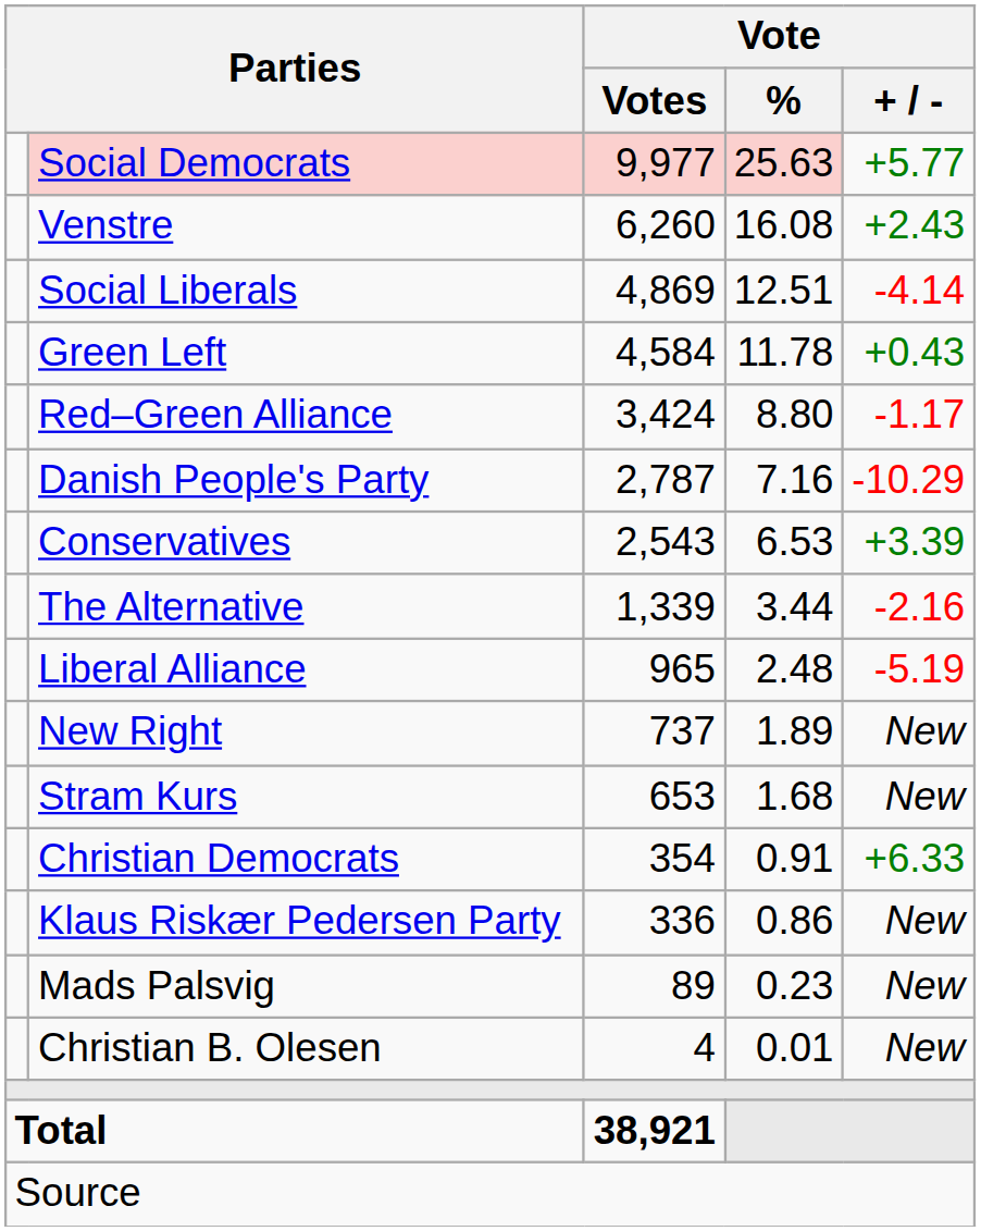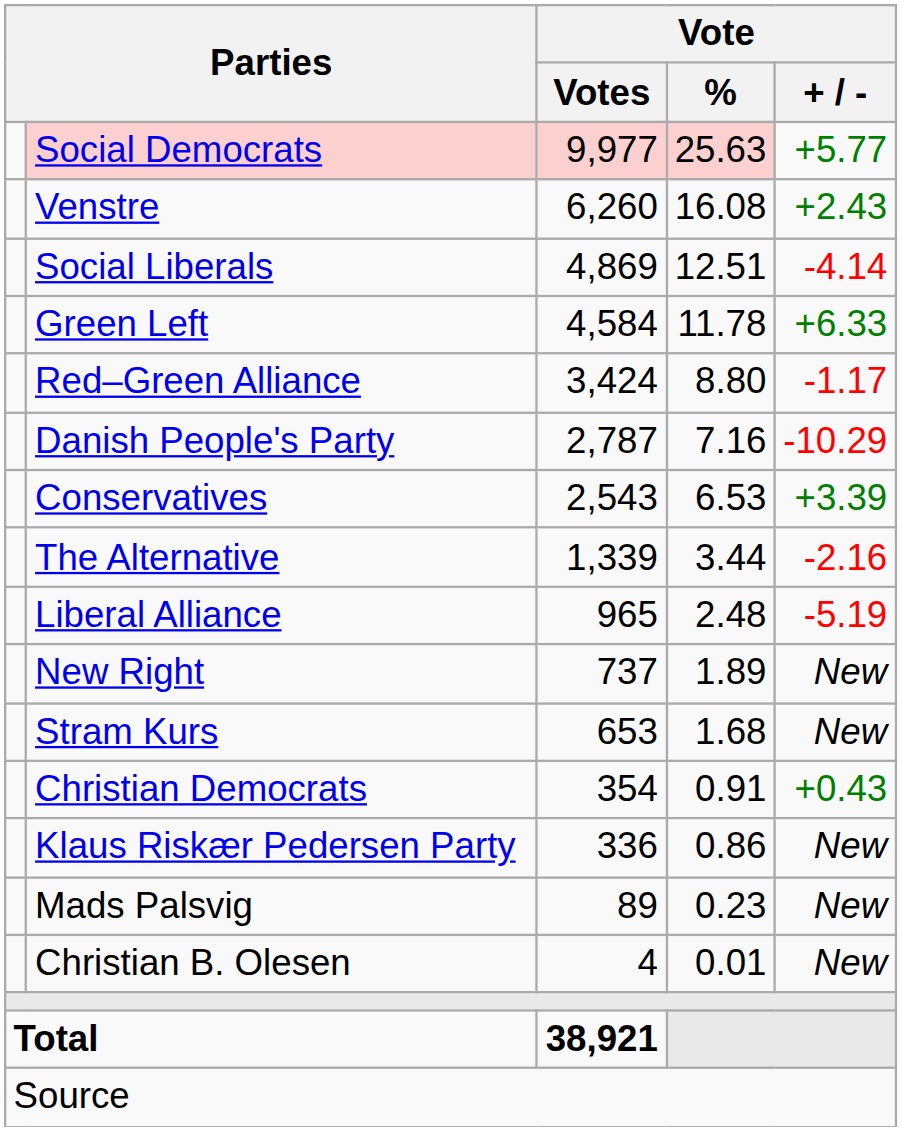 <table class="wikitable" style="text-align:right;">
 <tr>
 <th style="text-align:centre;" rowspan="2" colspan="2" width="225">Parties</th>
 <th colspan="3">Vote</th>
 </tr>
 <tr>
 <th width="15">Votes</th>
 <th width="15">%</th>
 <th width="15">+ / -</th>
 </tr>
 <tr>
 <td width="2" style="color:inherit;background:"></td>
 <td bgcolor=#fbd0ce  align="left"><a href='#'>Social Democrats</a></td>
 <td bgcolor=#fbd0ce>9,977</td>
 <td bgcolor=#fbd0ce>25.63</td>
 <td style=color:green;>+5.77</td>
 </tr>
 <tr>
 <td width="2" style="color:inherit;background:"></td>
 <td align="left"><a href='#'>Venstre</a></td>
 <td>6,260</td>
 <td>16.08</td>
 <td style=color:green;>+2.43</td>
 </tr>
 <tr>
 <td width="2" style="color:inherit;background:"></td>
 <td align="left"><a href='#'>Social Liberals</a></td>
 <td>4,869</td>
 <td>12.51</td>
 <td style=color:red;>-4.14</td>
 </tr>
 <tr>
 <td width="2" style="color:inherit;background:"></td>
 <td align="left"><a href='#'>Green Left</a></td>
 <td>4,584</td>
 <td>11.78</td>
-<td style=color:green;>+0.43</td>
+<td style=color:green;>+6.33</td>
 </tr>
 <tr>
 <td width="2" style="color:inherit;background:"></td>
 <td align="left"><a href='#'>Red–Green Alliance</a></td>
 <td>3,424</td>
 <td>8.80</td>
 <td style=color:red;>-1.17</td>
 </tr>
 <tr>
 <td width="2" style="color:inherit;background:"></td>
 <td align="left"><a href='#'>Danish People's Party</a></td>
 <td>2,787</td>
 <td>7.16</td>
 <td style=color:red;>-10.29</td>
 </tr>
 <tr>
 <td width="2" style="color:inherit;background:"></td>
 <td align="left"><a href='#'>Conservatives</a></td>
 <td>2,543</td>
 <td>6.53</td>
 <td style=color:green;>+3.39</td>
 </tr>
 <tr>
 <td width="2" style="color:inherit;background:"></td>
 <td align="left"><a href='#'>The Alternative</a></td>
 <td>1,339</td>
 <td>3.44</td>
 <td style=color:red;>-2.16</td>
 </tr>
 <tr>
 <td width="2" style="color:inherit;background:"></td>
 <td align="left"><a href='#'>Liberal Alliance</a></td>
 <td>965</td>
 <td>2.48</td>
 <td style=color:red;>-5.19</td>
 </tr>
 <tr>
 <td width="2" style="color:inherit;background:"></td>
 <td align="left"><a href='#'>New Right</a></td>
 <td>737</td>
 <td>1.89</td>
 <td><em>New</em></td>
 </tr>
 <tr>
 <td width="2" style="color:inherit;background:"></td>
 <td align="left"><a href='#'>Stram Kurs</a></td>
 <td>653</td>
 <td>1.68</td>
 <td><em>New</em></td>
 </tr>
 <tr>
 <td width="2" style="color:inherit;background:"></td>
 <td align="left"><a href='#'>Christian Democrats</a></td>
 <td>354</td>
 <td>0.91</td>
-<td style=color:green;>+6.33</td>
+<td style=color:green;>+0.43</td>
 </tr>
 <tr>
 <td width="2" style="color:inherit;background:"></td>
 <td align="left"><a href='#'>Klaus Riskær Pedersen Party</a></td>
 <td>336</td>
 <td>0.86</td>
 <td><em>New</em></td>
 </tr>
 <tr>
 <td width="2" style="color:inherit;background:"></td>
 <td align="left">Mads Palsvig</td>
 <td>89</td>
 <td>0.23</td>
 <td><em>New</em></td>
 </tr>
 <tr>
 <td width="2" style="color:inherit;background:"></td>
 <td align="left">Christian B. Olesen</td>
 <td>4</td>
 <td>0.01</td>
 <td><em>New</em></td>
 </tr>
 <tr>
 <td colspan="7" bgcolor="#E9E9E9"></td>
 </tr>
 <tr>
 <td align="left" colspan="2"><strong>Total</strong></td>
 <td><strong>38,921</strong></td>
 <td bgcolor="#E9E9E9" colspan="2"></td>
 </tr>
 <tr>
 <td align="left" colspan="6">Source</td>
 </tr>
 </table>
